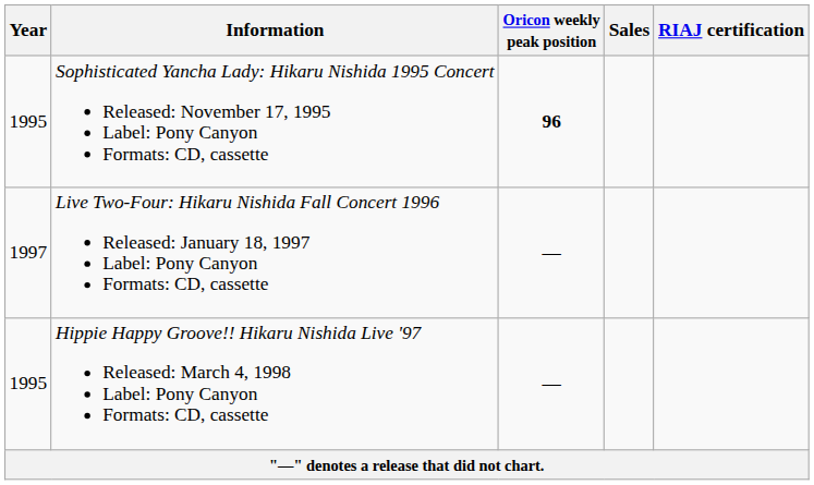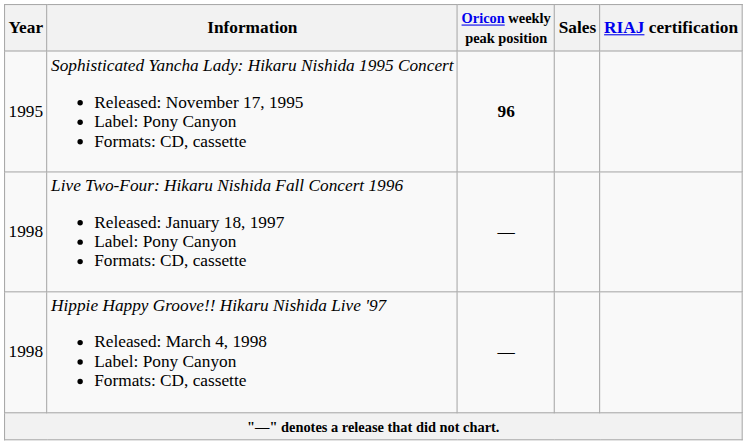 <table class="wikitable">
 <tr>
 <th>Year</th>
 <th>Information</th>
 <th><small><a href='#'>Oricon</a> weekly<br>peak position</small></th>
 <th>Sales<br></th>
 <th><a href='#'>RIAJ</a> certification</th>
 </tr>
 <tr>
 <td>1995</td>
 <td><em>Sophisticated Yancha Lady: Hikaru Nishida 1995 Concert</em><br><ul><li>Released: November 17, 1995</li><li>Label: Pony Canyon</li><li>Formats: CD, cassette</li></ul></td>
 <td style="text-align:center;"><strong>96</strong></td>
 <td align="left"></td>
 <td align="left"></td>
 </tr>
 <tr>
-<td>1997</td>
+<td>1998</td>
 <td><em>Live Two-Four: Hikaru Nishida Fall Concert 1996</em><br><ul><li>Released: January 18, 1997</li><li>Label: Pony Canyon</li><li>Formats: CD, cassette</li></ul></td>
 <td style="text-align:center;">—</td>
 <td align="left"></td>
 <td align="left"></td>
 </tr>
 <tr>
-<td>1995</td>
+<td>1998</td>
 <td><em>Hippie Happy Groove!! Hikaru Nishida Live '97</em><br><ul><li>Released: March 4, 1998</li><li>Label: Pony Canyon</li><li>Formats: CD, cassette</li></ul></td>
 <td style="text-align:center;">—</td>
 <td align="left"></td>
 <td align="left"></td>
 </tr>
 <tr>
 <th colspan="5"><small>"—" denotes a release that did not chart.</small></th>
 </tr>
 </table>
